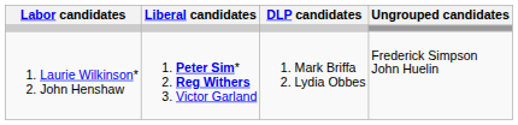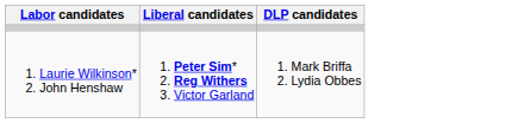 <table class="wikitable">
 <tr>
 <th><a href='#'>Labor</a> candidates</th>
 <th><a href='#'>Liberal</a> candidates</th>
 <th><a href='#'>DLP</a> candidates</th>
-<th>Ungrouped candidates</th>
 </tr>
 <tr bgcolor="#cccccc">
 <td></td>
 <td></td>
 <td></td>
-<td bgcolor="#999999"></td>
 </tr>
 <tr>
 <td><br><ol><li><a href='#'>Laurie Wilkinson</a>*</li><li>John Henshaw</li></ol></td>
 <td><br><ol><li><strong><a href='#'>Peter Sim</a></strong>*</li><li><strong><a href='#'>Reg Withers</a></strong></li><li><a href='#'>Victor Garland</a></li></ol></td>
 <td valign=top><br><ol><li>Mark Briffa</li><li>Lydia Obbes</li></ol></td>
-<td valign=top><br>Frederick Simpson<br> John Huelin</td>
 </tr>
 </table>
